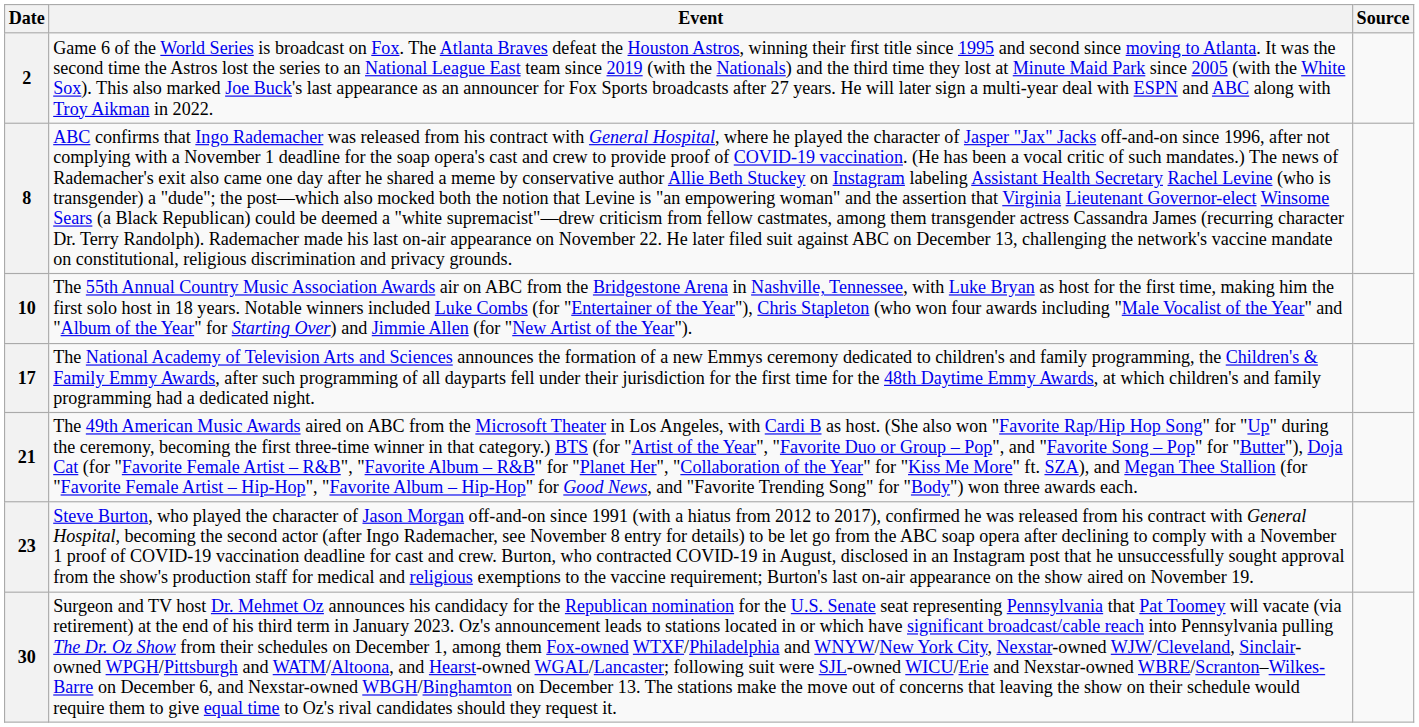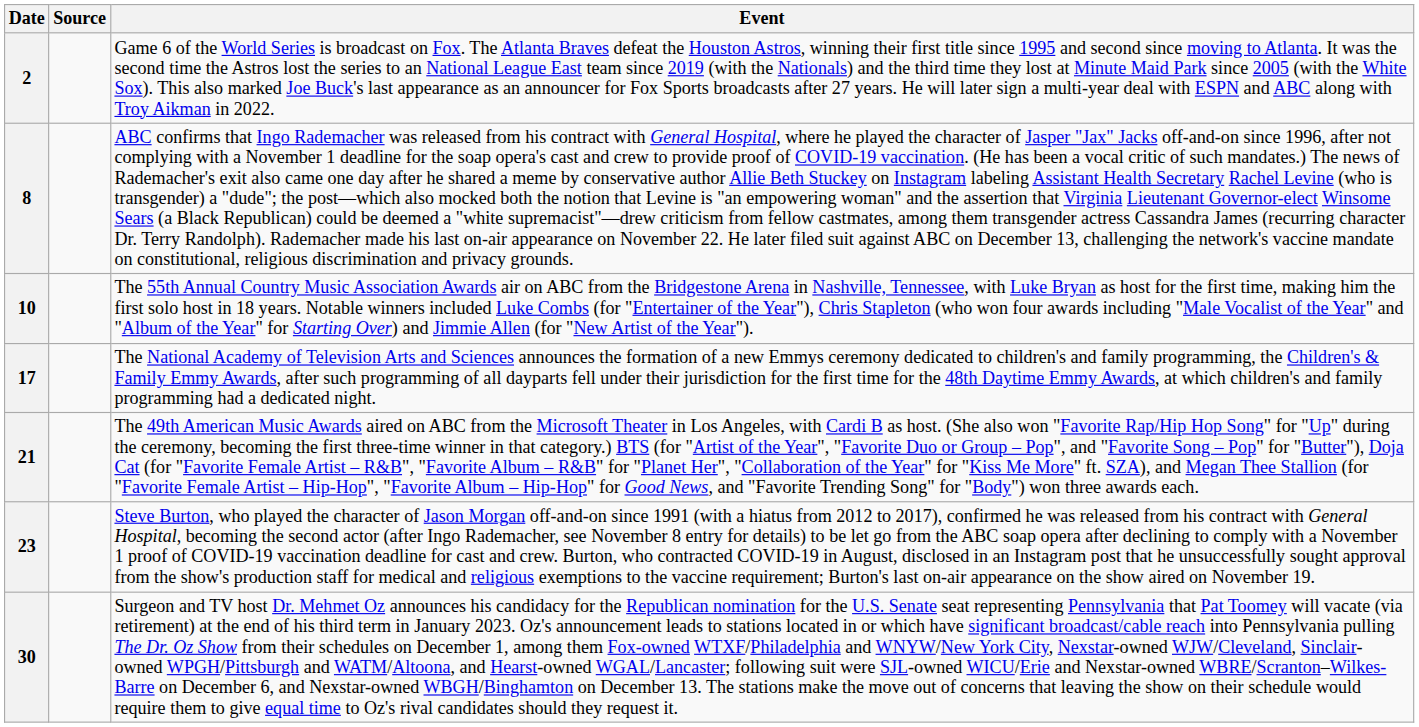 <table class="wikitable">
 <tr>
 <th>Date</th>
+<th>Source</th>
 <th>Event</th>
-<th>Source</th>
 </tr>
 <tr>
 <th>2</th>
+<td></td>
 <td>Game 6 of the <a href='#'>World Series</a> is broadcast on <a href='#'>Fox</a>. The <a href='#'>Atlanta Braves</a> defeat the <a href='#'>Houston Astros</a>, winning their first title since <a href='#'>1995</a> and second since <a href='#'>moving to Atlanta</a>. It was the second time the Astros lost the series to an <a href='#'>National League East</a> team since <a href='#'>2019</a> (with the <a href='#'>Nationals</a>) and the third time they lost at <a href='#'>Minute Maid Park</a> since <a href='#'>2005</a> (with the <a href='#'>White Sox</a>). This also marked <a href='#'>Joe Buck</a>'s last appearance as an announcer for Fox Sports broadcasts after 27 years. He will later sign a multi-year deal with <a href='#'>ESPN</a> and <a href='#'>ABC</a> along with <a href='#'>Troy Aikman</a> in 2022.</td>
-<td></td>
 </tr>
 <tr>
 <th>8</th>
+<td><br></td>
 <td><a href='#'>ABC</a> confirms that <a href='#'>Ingo Rademacher</a> was released from his contract with <em><a href='#'>General Hospital</a></em>, where he played the character of <a href='#'>Jasper "Jax" Jacks</a> off-and-on since 1996, after not complying with a November 1 deadline for the soap opera's cast and crew to provide proof of <a href='#'>COVID-19 vaccination</a>. (He has been a vocal critic of such mandates.) The news of Rademacher's exit also came one day after he shared a meme by conservative author <a href='#'>Allie Beth Stuckey</a> on <a href='#'>Instagram</a> labeling <a href='#'>Assistant Health Secretary</a> <a href='#'>Rachel Levine</a> (who is transgender) a "dude"; the post—which also mocked both the notion that Levine is "an empowering woman" and the assertion that <a href='#'>Virginia</a> <a href='#'>Lieutenant Governor-elect</a> <a href='#'>Winsome Sears</a> (a Black Republican) could be deemed a "white supremacist"—drew criticism from fellow castmates, among them transgender actress Cassandra James (recurring character Dr. Terry Randolph). Rademacher made his last on-air appearance on November 22. He later filed suit against ABC on December 13, challenging the network's vaccine mandate on constitutional, religious discrimination and privacy grounds.</td>
-<td><br></td>
 </tr>
 <tr>
 <th>10</th>
+<td></td>
 <td>The <a href='#'>55th Annual Country Music Association Awards</a> air on ABC from the <a href='#'>Bridgestone Arena</a> in <a href='#'>Nashville, Tennessee</a>, with <a href='#'>Luke Bryan</a> as host for the first time, making him the first solo host in 18 years. Notable winners included <a href='#'>Luke Combs</a> (for "<a href='#'>Entertainer of the Year</a>"), <a href='#'>Chris Stapleton</a> (who won four awards including "<a href='#'>Male Vocalist of the Year</a>" and "<a href='#'>Album of the Year</a>" for <em><a href='#'>Starting Over</a></em>) and <a href='#'>Jimmie Allen</a> (for "<a href='#'>New Artist of the Year</a>").</td>
-<td></td>
 </tr>
 <tr>
 <th>17</th>
+<td></td>
 <td>The <a href='#'>National Academy of Television Arts and Sciences</a> announces the formation of a new Emmys ceremony dedicated to children's and family programming, the <a href='#'>Children's & Family Emmy Awards</a>, after such programming of all dayparts fell under their jurisdiction for the first time for the <a href='#'>48th Daytime Emmy Awards</a>, at which children's and family programming had a dedicated night.</td>
-<td></td>
 </tr>
 <tr>
 <th>21</th>
+<td><br></td>
 <td>The <a href='#'>49th American Music Awards</a> aired on ABC from the <a href='#'>Microsoft Theater</a> in Los Angeles, with <a href='#'>Cardi B</a> as host. (She also won "<a href='#'>Favorite Rap/Hip Hop Song</a>" for "<a href='#'>Up</a>" during the ceremony, becoming the first three-time winner in that category.) <a href='#'>BTS</a> (for "<a href='#'>Artist of the Year</a>", "<a href='#'>Favorite Duo or Group – Pop</a>", and "<a href='#'>Favorite Song – Pop</a>" for "<a href='#'>Butter</a>"), <a href='#'>Doja Cat</a> (for "<a href='#'>Favorite Female Artist – R&B</a>", "<a href='#'>Favorite Album – R&B</a>" for "<a href='#'>Planet Her</a>", "<a href='#'>Collaboration of the Year</a>" for "<a href='#'>Kiss Me More</a>" ft. <a href='#'>SZA</a>), and <a href='#'>Megan Thee Stallion</a> (for "<a href='#'>Favorite Female Artist – Hip-Hop</a>", "<a href='#'>Favorite Album – Hip-Hop</a>" for <em><a href='#'>Good News</a></em>, and "Favorite Trending Song" for "<a href='#'>Body</a>") won three awards each.</td>
-<td><br></td>
 </tr>
 <tr>
 <th>23</th>
+<td></td>
 <td><a href='#'>Steve Burton</a>, who played the character of <a href='#'>Jason Morgan</a> off-and-on since 1991 (with a hiatus from 2012 to 2017), confirmed he was released from his contract with <em>General Hospital</em>, becoming the second actor (after Ingo Rademacher, see November 8 entry for details) to be let go from the ABC soap opera after declining to comply with a November 1 proof of COVID-19 vaccination deadline for cast and crew. Burton, who contracted COVID-19 in August, disclosed in an Instagram post that he unsuccessfully sought approval from the show's production staff for medical and <a href='#'>religious</a> exemptions to the vaccine requirement; Burton's last on-air appearance on the show aired on November 19.</td>
-<td></td>
 </tr>
 <tr>
 <th>30</th>
+<td><br></td>
 <td>Surgeon and TV host <a href='#'>Dr. Mehmet Oz</a> announces his candidacy for the <a href='#'>Republican nomination</a> for the <a href='#'>U.S. Senate</a> seat representing <a href='#'>Pennsylvania</a> that <a href='#'>Pat Toomey</a> will vacate (via retirement) at the end of his third term in January 2023. Oz's announcement leads to stations located in or which have <a href='#'>significant broadcast/cable reach</a> into Pennsylvania pulling <em><a href='#'>The Dr. Oz Show</a></em> from their schedules on December 1, among them <a href='#'>Fox-owned</a> <a href='#'>WTXF</a>/<a href='#'>Philadelphia</a> and <a href='#'>WNYW</a>/<a href='#'>New York City</a>, <a href='#'>Nexstar</a>-owned <a href='#'>WJW</a>/<a href='#'>Cleveland</a>, <a href='#'>Sinclair</a>-owned <a href='#'>WPGH</a>/<a href='#'>Pittsburgh</a> and <a href='#'>WATM</a>/<a href='#'>Altoona</a>, and <a href='#'>Hearst</a>-owned <a href='#'>WGAL</a>/<a href='#'>Lancaster</a>; following suit were <a href='#'>SJL</a>-owned <a href='#'>WICU</a>/<a href='#'>Erie</a> and Nexstar-owned <a href='#'>WBRE</a>/<a href='#'>Scranton</a>–<a href='#'>Wilkes-Barre</a> on December 6, and Nexstar-owned <a href='#'>WBGH</a>/<a href='#'>Binghamton</a> on December 13. The stations make the move out of concerns that leaving the show on their schedule would require them to give <a href='#'>equal time</a> to Oz's rival candidates should they request it.</td>
-<td><br></td>
 </tr>
 </table>
